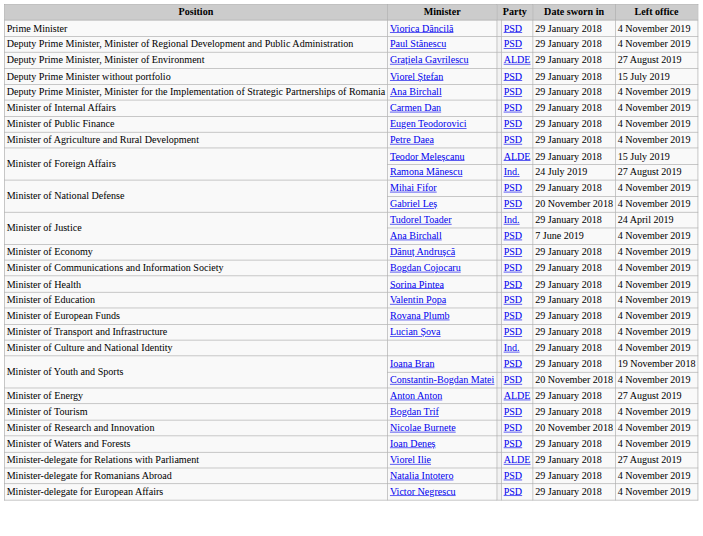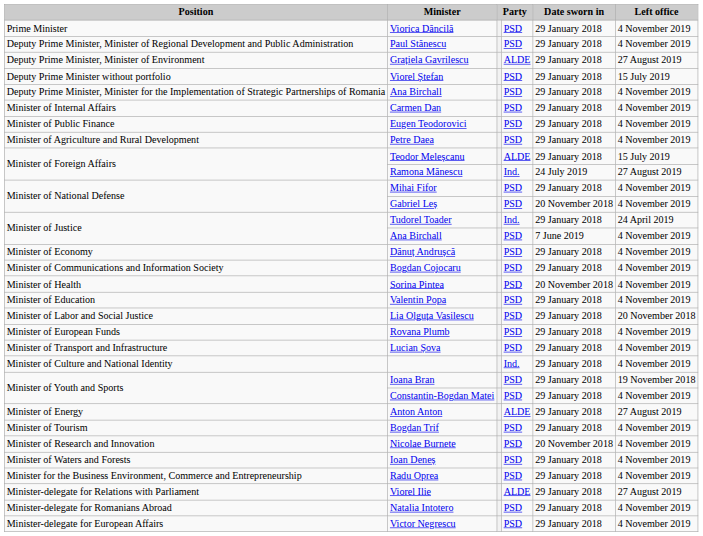 <table class="wikitable">
 <tr>
 <th style="background:#ccc;">Position</th>
 <th style="background:#ccc;">Minister</th>
 <th style="background:#ccc;" colspan="2">Party</th>
 <th style="background:#ccc;">Date sworn in</th>
 <th style="background:#ccc;">Left office</th>
 </tr>
 <tr>
 <td>Prime Minister</td>
 <td><a href='#'>Viorica Dăncilă</a></td>
 <th style="background-color: "></th>
 <td><a href='#'>PSD</a></td>
 <td>29 January 2018</td>
 <td>4 November 2019</td>
 </tr>
 <tr>
 <td>Deputy Prime Minister, Minister of Regional Development and Public Administration</td>
 <td><a href='#'>Paul Stănescu</a></td>
 <th style="background-color: "></th>
 <td><a href='#'>PSD</a></td>
 <td>29 January 2018</td>
 <td>4 November 2019</td>
 </tr>
 <tr>
 <td>Deputy Prime Minister, Minister of Environment</td>
 <td><a href='#'>Grațiela Gavrilescu</a></td>
 <th style="background-color: "></th>
 <td><a href='#'>ALDE</a></td>
 <td>29 January 2018</td>
 <td>27 August 2019</td>
 </tr>
 <tr>
 <td>Deputy Prime Minister without portfolio</td>
 <td><a href='#'>Viorel Ștefan</a></td>
 <th style="background-color: "></th>
 <td><a href='#'>PSD</a></td>
 <td>29 January 2018</td>
 <td>15 July 2019</td>
 </tr>
 <tr>
 <td>Deputy Prime Minister, Minister for the Implementation of Strategic Partnerships of Romania</td>
 <td><a href='#'>Ana Birchall</a></td>
 <th style="background-color: "></th>
 <td><a href='#'>PSD</a></td>
 <td>29 January 2018</td>
 <td>4 November 2019</td>
 </tr>
 <tr>
 <td>Minister of Internal Affairs</td>
 <td><a href='#'>Carmen Dan</a></td>
 <th style="background-color: "></th>
 <td><a href='#'>PSD</a></td>
 <td>29 January 2018</td>
 <td>4 November 2019</td>
 </tr>
 <tr>
 <td>Minister of Public Finance</td>
 <td><a href='#'>Eugen Teodorovici</a></td>
 <th style="background-color: "></th>
 <td><a href='#'>PSD</a></td>
 <td>29 January 2018</td>
 <td>4 November 2019</td>
 </tr>
 <tr>
 <td>Minister of Agriculture and Rural Development</td>
 <td><a href='#'>Petre Daea</a></td>
 <th style="background-color: "></th>
 <td><a href='#'>PSD</a></td>
 <td>29 January 2018</td>
 <td>4 November 2019</td>
 </tr>
 <tr>
 <td rowspan=2>Minister of Foreign Affairs</td>
 <td><a href='#'>Teodor Meleșcanu</a></td>
 <th style="background-color: "></th>
 <td><a href='#'>ALDE</a></td>
 <td>29 January 2018</td>
 <td>15 July 2019</td>
 </tr>
 <tr>
 <td><a href='#'>Ramona Mănescu</a></td>
 <th style="background-color: "></th>
 <td><a href='#'>Ind.</a></td>
 <td>24 July 2019</td>
 <td>27 August 2019</td>
 </tr>
 <tr>
 <td rowspan=2>Minister of National Defense</td>
 <td><a href='#'>Mihai Fifor</a></td>
 <th style="background-color: "></th>
 <td><a href='#'>PSD</a></td>
 <td>29 January 2018</td>
 <td>4 November 2019</td>
 </tr>
 <tr>
 <td><a href='#'>Gabriel Leș</a></td>
 <th style="background-color: "></th>
 <td><a href='#'>PSD</a></td>
 <td>20 November 2018</td>
 <td>4 November 2019</td>
 </tr>
 <tr>
 <td rowspan=2>Minister of Justice</td>
 <td><a href='#'>Tudorel Toader</a></td>
 <th style="background-color: "></th>
 <td><a href='#'>Ind.</a></td>
 <td>29 January 2018</td>
 <td>24 April 2019</td>
 </tr>
 <tr>
 <td><a href='#'>Ana Birchall</a></td>
 <th style="background-color: "></th>
 <td><a href='#'>PSD</a></td>
 <td>7 June 2019</td>
 <td>4 November 2019</td>
 </tr>
 <tr>
 <td>Minister of Economy</td>
 <td><a href='#'>Dănuț Andrușcă</a></td>
 <th style="background-color: "></th>
 <td><a href='#'>PSD</a></td>
 <td>29 January 2018</td>
 <td>4 November 2019</td>
 </tr>
 <tr>
 <td>Minister of Communications and Information Society</td>
 <td><a href='#'>Bogdan Cojocaru</a></td>
 <th style="background-color: "></th>
 <td><a href='#'>PSD</a></td>
 <td>29 January 2018</td>
 <td>4 November 2019</td>
 </tr>
 <tr>
 <td>Minister of Health</td>
 <td><a href='#'>Sorina Pintea</a></td>
 <th style="background-color: "></th>
 <td><a href='#'>PSD</a></td>
-<td>29 January 2018</td>
+<td>20 November 2018</td>
 <td>4 November 2019</td>
 </tr>
 <tr>
 <td>Minister of Education</td>
 <td><a href='#'>Valentin Popa</a></td>
 <th style="background-color: "></th>
 <td><a href='#'>PSD</a></td>
 <td>29 January 2018</td>
 <td>4 November 2019</td>
+</tr>
+<tr>
+<td>Minister of Labor and Social Justice</td>
+<td><a href='#'>Lia Olguța Vasilescu</a></td>
+<th style="background-color: "></th>
+<td><a href='#'>PSD</a></td>
+<td>29 January 2018</td>
+<td>20 November 2018</td>
 </tr>
 <tr>
 <td>Minister of European Funds</td>
 <td><a href='#'>Rovana Plumb</a></td>
 <th style="background-color: "></th>
 <td><a href='#'>PSD</a></td>
 <td>29 January 2018</td>
 <td>4 November 2019</td>
 </tr>
 <tr>
 <td>Minister of Transport and Infrastructure</td>
 <td><a href='#'>Lucian Șova</a></td>
 <th style="background-color: "></th>
 <td><a href='#'>PSD</a></td>
 <td>29 January 2018</td>
 <td>4 November 2019</td>
 </tr>
 <tr>
 <td>Minister of Culture and National Identity</td>
 <td></td>
 <th style="background-color: "></th>
 <td><a href='#'>Ind.</a></td>
 <td>29 January 2018</td>
 <td>4 November 2019</td>
 </tr>
 <tr>
 <td rowspan=2>Minister of Youth and Sports</td>
 <td><a href='#'>Ioana Bran</a></td>
 <th style="background-color: "></th>
 <td><a href='#'>PSD</a></td>
 <td>29 January 2018</td>
 <td>19 November 2018</td>
 </tr>
 <tr>
 <td><a href='#'>Constantin-Bogdan Matei</a></td>
 <th style="background-color: "></th>
 <td><a href='#'>PSD</a></td>
-<td>20 November 2018</td>
+<td>29 January 2018</td>
 <td>4 November 2019</td>
 </tr>
 <tr>
 <td>Minister of Energy</td>
 <td><a href='#'>Anton Anton</a></td>
 <th style="background-color: "></th>
 <td><a href='#'>ALDE</a></td>
 <td>29 January 2018</td>
 <td>27 August 2019</td>
 </tr>
 <tr>
 <td>Minister of Tourism</td>
 <td><a href='#'>Bogdan Trif</a></td>
 <th style="background-color: "></th>
 <td><a href='#'>PSD</a></td>
 <td>29 January 2018</td>
 <td>4 November 2019</td>
 </tr>
 <tr>
 <td>Minister of Research and Innovation</td>
 <td><a href='#'>Nicolae Burnete</a></td>
 <th style="background-color: "></th>
 <td><a href='#'>PSD</a></td>
 <td>20 November 2018</td>
 <td>4 November 2019</td>
 </tr>
 <tr>
 <td>Minister of Waters and Forests</td>
 <td><a href='#'>Ioan Deneș</a></td>
 <th style="background-color: "></th>
 <td><a href='#'>PSD</a></td>
 <td>29 January 2018</td>
 <td>4 November 2019</td>
 </tr>
 <tr>
+<td>Minister for the Business Environment, Commerce and Entrepreneurship</td>
+<td><a href='#'>Radu Oprea</a></td>
+<th style="background-color: "></th>
+<td><a href='#'>PSD</a></td>
+<td>29 January 2018</td>
+<td>4 November 2019</td>
+</tr>
+<tr>
 <td>Minister-delegate for Relations with Parliament</td>
 <td><a href='#'>Viorel Ilie</a></td>
 <th style="background-color: "></th>
 <td><a href='#'>ALDE</a></td>
 <td>29 January 2018</td>
 <td>27 August 2019</td>
 </tr>
 <tr>
 <td>Minister-delegate for Romanians Abroad</td>
 <td><a href='#'>Natalia Intotero</a></td>
 <th style="background-color: "></th>
 <td><a href='#'>PSD</a></td>
 <td>29 January 2018</td>
 <td>4 November 2019</td>
 </tr>
 <tr>
 <td>Minister-delegate for European Affairs</td>
 <td><a href='#'>Victor Negrescu</a></td>
 <th style="background-color: "></th>
 <td><a href='#'>PSD</a></td>
 <td>29 January 2018</td>
 <td>4 November 2019</td>
 </tr>
 </table>
